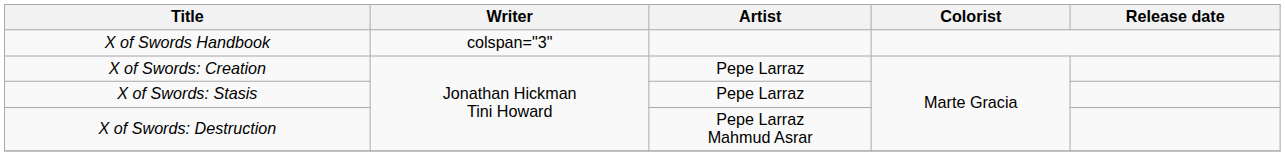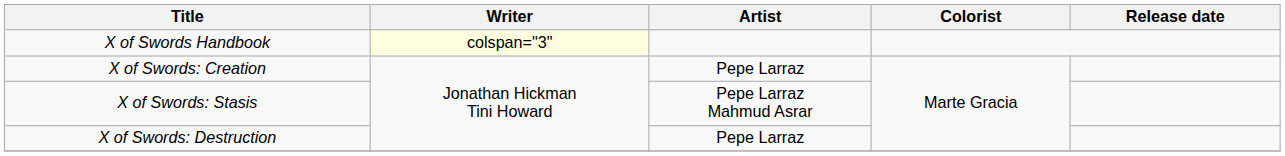 <table class="wikitable" style="text-align:center; width:100%">
 <tr>
 <th scope="col">Title</th>
 <th scope="col">Writer</th>
 <th scope="col">Artist</th>
 <th scope="col">Colorist</th>
 <th scope="col">Release date</th>
 </tr>
 <tr>
 <td><em>X of Swords Handbook</em></td>
-<td>colspan="3" </td>
+<td style="background: lightyellow;">colspan="3" </td>
 <td></td>
 </tr>
 <tr>
 <td><em>X of Swords: Creation</em></td>
 <td rowspan="3">Jonathan Hickman<br>Tini Howard</td>
 <td>Pepe Larraz</td>
 <td rowspan="3">Marte Gracia</td>
 <td></td>
 </tr>
 <tr>
 <td><em>X of Swords: Stasis</em></td>
-<td>Pepe Larraz</td>
+<td>Pepe Larraz<br>Mahmud Asrar</td>
 <td></td>
 </tr>
 <tr>
 <td><em>X of Swords: Destruction</em></td>
-<td>Pepe Larraz<br>Mahmud Asrar</td>
+<td>Pepe Larraz</td>
 <td></td>
 </tr>
 <tr>
 </tr>
 </table>
